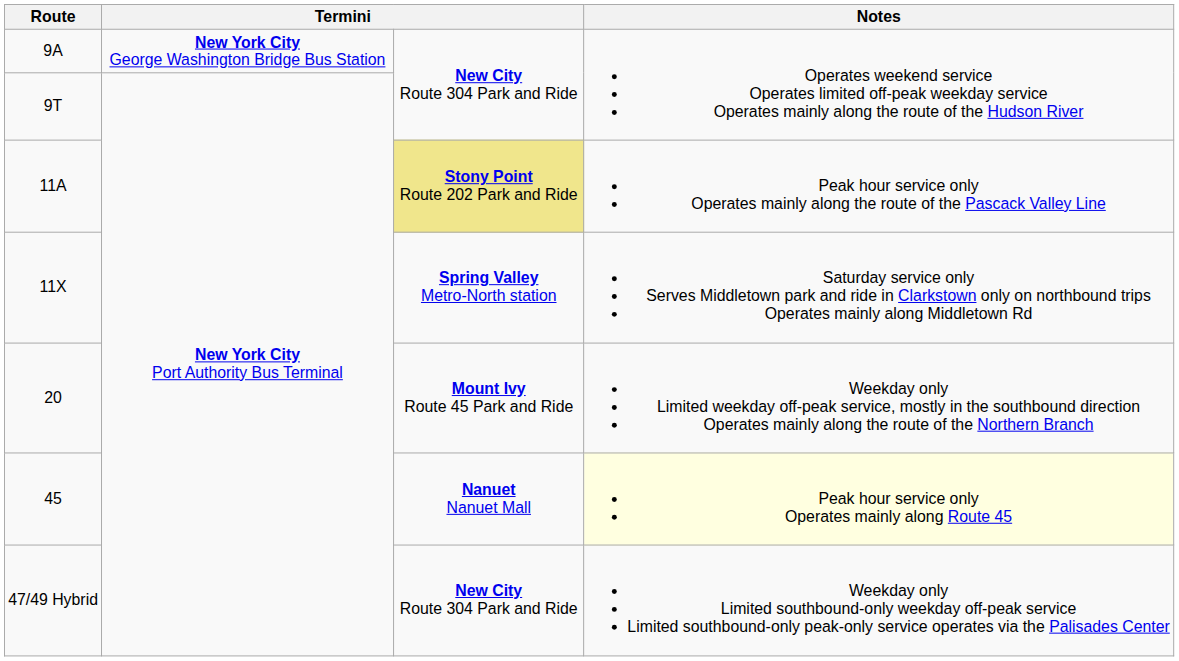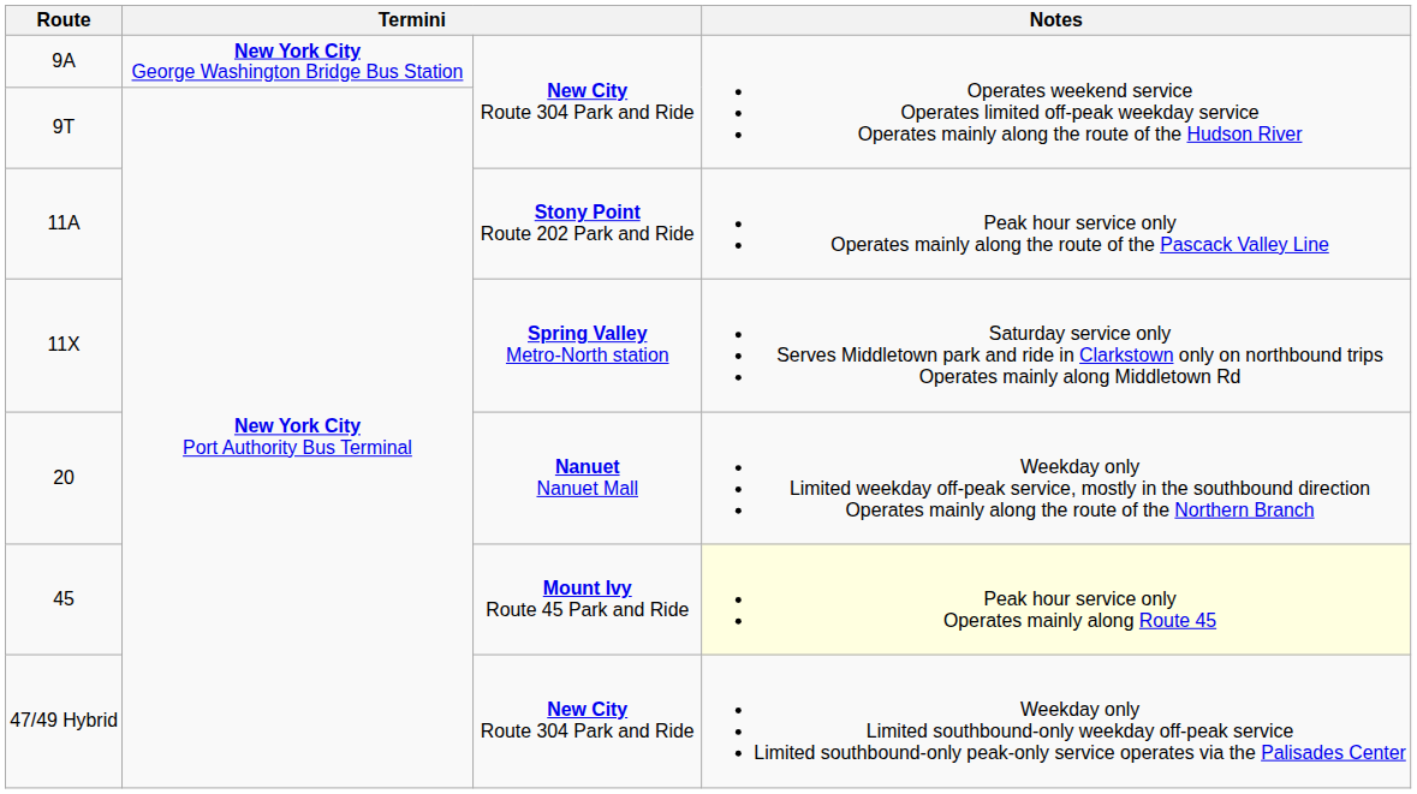 <table class="wikitable" style="text-align: center;">
 <tr>
 <th>Route</th>
 <th colspan="2" style="width:30em">Termini</th>
 <th>Notes</th>
 </tr>
 <tr>
 <td>9A</td>
 <td><strong><a href='#'>New York City</a></strong><br><a href='#'>George Washington Bridge Bus Station</a></td>
 <td rowspan="2"><strong><a href='#'>New City</a></strong><br>Route 304 Park and Ride</td>
 <td rowspan="2"><br><ul><li>Operates weekend service</li><li>Operates limited off-peak weekday service</li><li>Operates mainly along the route of the <a href='#'>Hudson River</a></li></ul></td>
 </tr>
 <tr>
 <td>9T</td>
 <td rowspan="6"><strong><a href='#'>New York City</a></strong><br><a href='#'>Port Authority Bus Terminal</a></td>
 </tr>
 <tr>
 <td>11A</td>
-<td style="background: khaki;"><strong><a href='#'>Stony Point</a></strong><br>Route 202 Park and Ride</td>
+<td><strong><a href='#'>Stony Point</a></strong><br>Route 202 Park and Ride</td>
 <td><br><ul><li>Peak hour service only</li><li>Operates mainly along the route of the <a href='#'>Pascack Valley Line</a></li></ul></td>
 </tr>
 <tr>
 <td>11X</td>
 <td><strong><a href='#'>Spring Valley</a></strong><br><a href='#'>Metro-North station</a></td>
 <td><br><ul><li>Saturday service only</li><li>Serves Middletown park and ride in <a href='#'>Clarkstown</a> only on northbound trips</li><li>Operates mainly along Middletown Rd</li></ul></td>
 </tr>
 <tr>
 <td>20</td>
-<td><strong><a href='#'>Mount Ivy</a></strong><br>Route 45 Park and Ride</td>
+<td><strong><a href='#'>Nanuet</a></strong><br><a href='#'>Nanuet Mall</a></td>
 <td><br><ul><li>Weekday only</li><li>Limited weekday off-peak service, mostly in the southbound direction</li><li>Operates mainly along the route of the <a href='#'>Northern Branch</a></li></ul></td>
 </tr>
 <tr>
 <td>45</td>
-<td><strong><a href='#'>Nanuet</a></strong><br><a href='#'>Nanuet Mall</a></td>
+<td><strong><a href='#'>Mount Ivy</a></strong><br>Route 45 Park and Ride</td>
 <td style="background: lightyellow;"><br><ul><li>Peak hour service only</li><li>Operates mainly along <a href='#'>Route 45</a></li></ul></td>
 </tr>
 <tr>
 <td>47/49 Hybrid</td>
 <td><strong><a href='#'>New City</a></strong><br>Route 304 Park and Ride</td>
 <td><br><ul><li>Weekday only</li><li>Limited southbound-only weekday off-peak service</li><li>Limited southbound-only peak-only service operates via the <a href='#'>Palisades Center</a></li></ul></td>
 </tr>
 </table>
